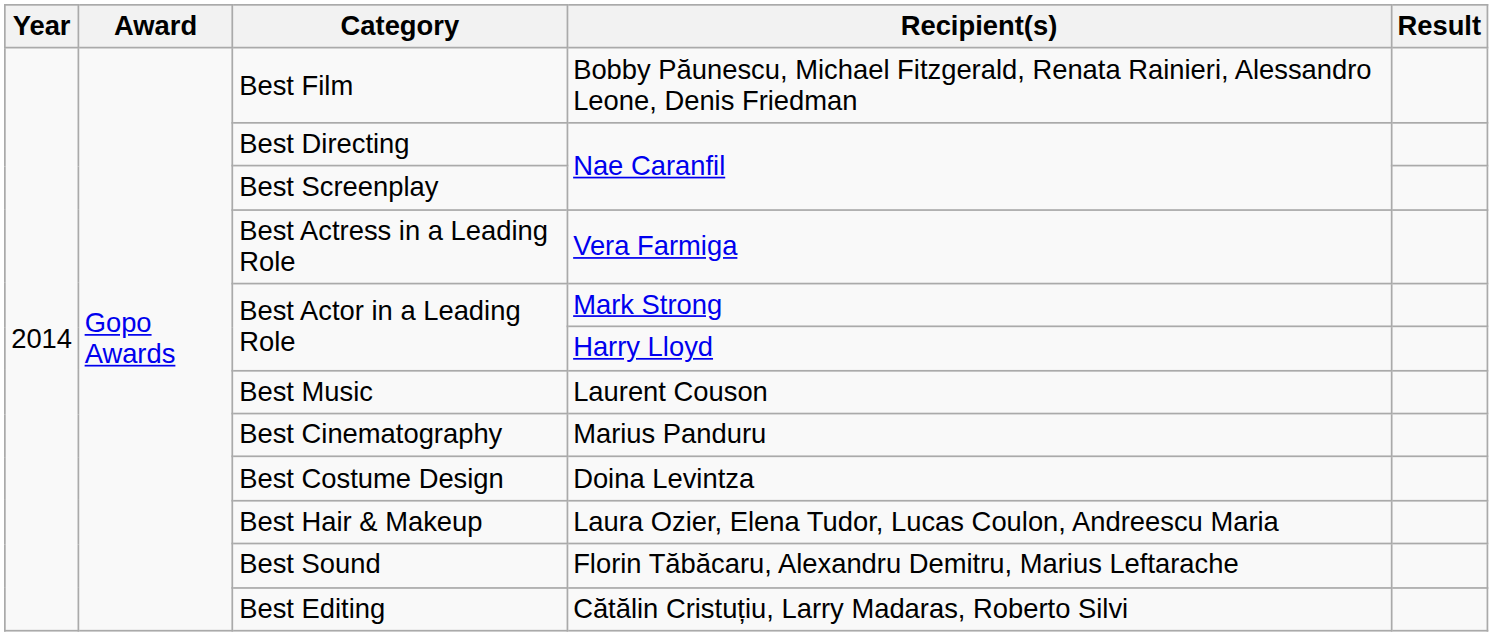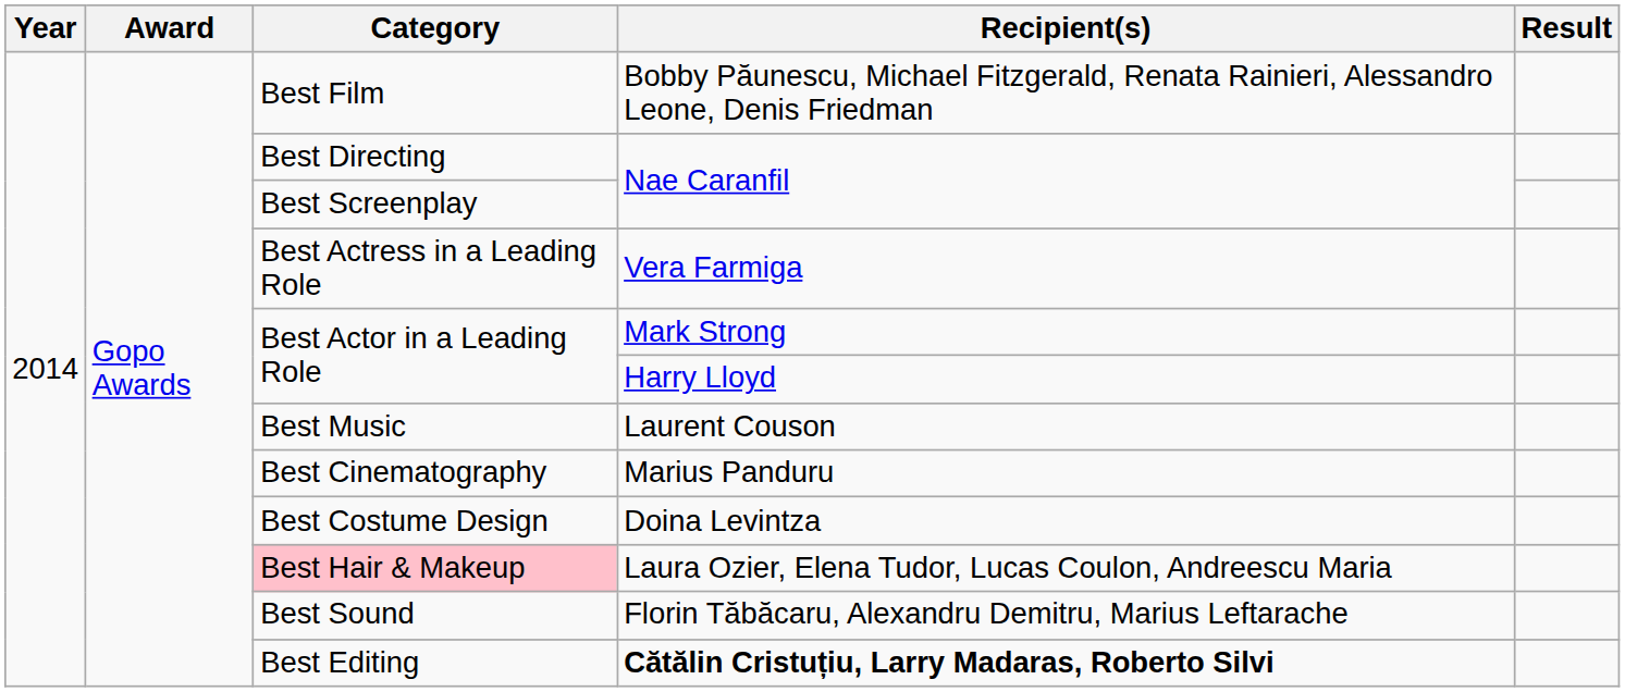 <table class="wikitable">
 <tr>
 <th>Year</th>
 <th>Award</th>
 <th>Category</th>
 <th>Recipient(s)</th>
 <th>Result</th>
 </tr>
 <tr>
 <td rowspan="12">2014</td>
 <td rowspan="12"><a href='#'>Gopo Awards</a></td>
 <td>Best Film</td>
 <td>Bobby Păunescu, Michael Fitzgerald, Renata Rainieri, Alessandro Leone, Denis Friedman</td>
 <td></td>
 </tr>
 <tr>
 <td>Best Directing</td>
 <td rowspan="2"><a href='#'>Nae Caranfil</a></td>
 <td></td>
 </tr>
 <tr>
 <td>Best Screenplay</td>
 <td></td>
 </tr>
 <tr>
 <td>Best Actress in a Leading Role</td>
 <td><a href='#'>Vera Farmiga</a></td>
 <td></td>
 </tr>
 <tr>
 <td rowspan="2">Best Actor in a Leading Role</td>
 <td><a href='#'>Mark Strong</a></td>
 <td></td>
 </tr>
 <tr>
 <td><a href='#'>Harry Lloyd</a></td>
 <td></td>
 </tr>
 <tr>
 <td>Best Music</td>
 <td>Laurent Couson</td>
 <td></td>
 </tr>
 <tr>
 <td>Best Cinematography</td>
 <td>Marius Panduru</td>
 <td></td>
 </tr>
 <tr>
 <td>Best Costume Design</td>
 <td>Doina Levintza</td>
 <td></td>
 </tr>
 <tr>
-<td>Best Hair & Makeup</td>
+<td style="background: pink;">Best Hair & Makeup</td>
 <td>Laura Ozier, Elena Tudor, Lucas Coulon, Andreescu Maria</td>
 <td></td>
 </tr>
 <tr>
 <td>Best Sound</td>
 <td>Florin Tăbăcaru, Alexandru Demitru, Marius Leftarache</td>
 <td></td>
 </tr>
 <tr>
 <td>Best Editing</td>
-<td>Cătălin Cristuțiu, Larry Madaras, Roberto Silvi</td>
+<td><strong>Cătălin Cristuțiu, Larry Madaras, Roberto Silvi</strong></td>
 <td></td>
 </tr>
 </table>
